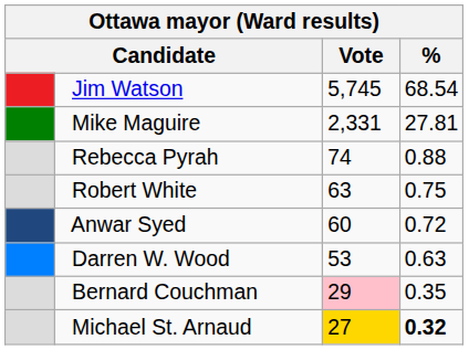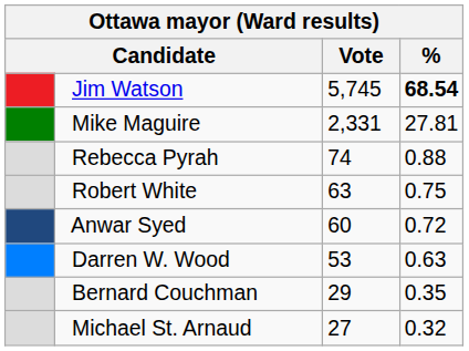 <table class="wikitable">
 <tr>
 <th colspan="4">Ottawa mayor (Ward results)</th>
 </tr>
 <tr>
 <th bgcolor="#DDDDFF" width="230px" colspan="2">Candidate</th>
 <th bgcolor="#DDDDFF" width="50px">Vote</th>
 <th bgcolor="#DDDDFF" width="30px">%</th>
 </tr>
 <tr>
 <td bgcolor=#ED1D24 width="30px"> </td>
 <td>  <a href='#'>Jim Watson</a></td>
 <td>5,745</td>
-<td>68.54</td>
+<td><strong>68.54</strong></td>
 </tr>
 <tr>
 <td bgcolor=#008000 width="30px"> </td>
 <td>  Mike Maguire</td>
 <td>2,331</td>
 <td>27.81</td>
 </tr>
 <tr>
 <td bgcolor=#DCDCDC width="30px"> </td>
 <td>  Rebecca Pyrah</td>
 <td>74</td>
 <td>0.88</td>
 </tr>
 <tr>
 <td bgcolor=#DCDCDC width="30px"> </td>
 <td>  Robert White</td>
 <td>63</td>
 <td>0.75</td>
 </tr>
 <tr>
 <td bgcolor=#20487E width="30px"> </td>
 <td>  Anwar Syed</td>
 <td>60</td>
 <td>0.72</td>
 </tr>
 <tr>
 <td bgcolor=#007FFF width="30px"> </td>
 <td>  Darren W. Wood</td>
 <td>53</td>
 <td>0.63</td>
 </tr>
 <tr>
 <td bgcolor=#DCDCDC width="30px"> </td>
 <td>  Bernard Couchman</td>
-<td style="background: pink;">29</td>
+<td>29</td>
 <td>0.35</td>
 </tr>
 <tr>
 <td bgcolor=#DCDCDC width="30px"> </td>
 <td>  Michael St. Arnaud</td>
-<td style="background: gold;">27</td>
-<td><strong>0.32</strong></td>
+<td>27</td>
+<td>0.32</td>
 </tr>
 </table>
